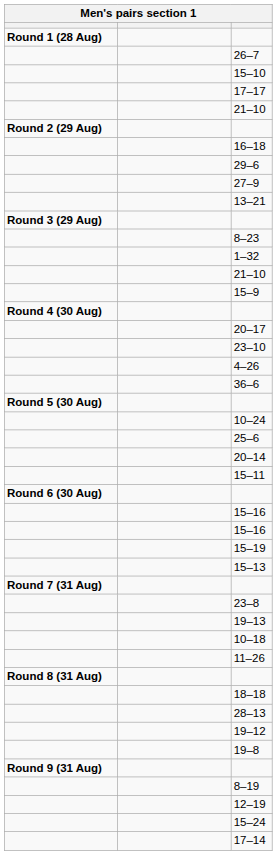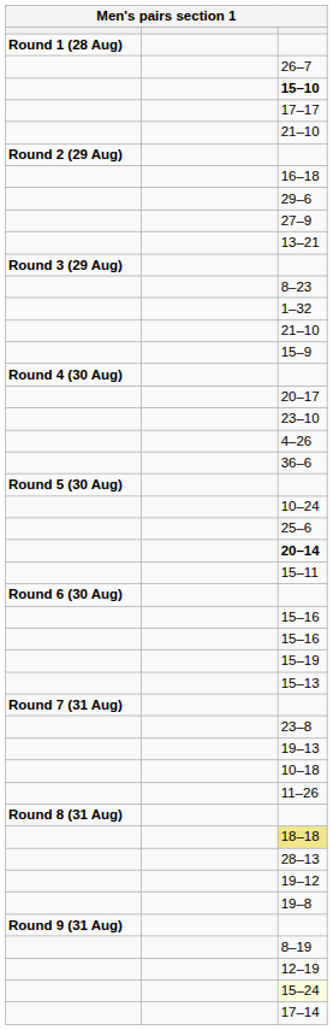 <table class="wikitable">
 <tr>
 <th colspan="3">Men's pairs section 1</th>
 </tr>
 <tr>
 <th width=150></th>
 <th width=150></th>
 <th width=50></th>
 </tr>
 <tr>
 <td><strong>Round 1 (28 Aug)</strong></td>
 <td></td>
 <td></td>
 </tr>
 <tr>
 <td></td>
 <td></td>
 <td>26–7</td>
 </tr>
 <tr>
 <td></td>
 <td></td>
-<td>15–10</td>
+<td><strong>15–10</strong></td>
 </tr>
 <tr>
 <td></td>
 <td></td>
 <td>17–17</td>
 </tr>
 <tr>
 <td></td>
 <td></td>
 <td>21–10</td>
 </tr>
 <tr>
 <td><strong>Round 2 (29 Aug)</strong></td>
 <td></td>
 <td></td>
 </tr>
 <tr>
 <td></td>
 <td></td>
 <td>16–18</td>
 </tr>
 <tr>
 <td></td>
 <td></td>
 <td>29–6</td>
 </tr>
 <tr>
 <td></td>
 <td></td>
 <td>27–9</td>
 </tr>
 <tr>
 <td></td>
 <td></td>
 <td>13–21</td>
 </tr>
 <tr>
 <td><strong>Round 3 (29 Aug)</strong></td>
 <td></td>
 <td></td>
 </tr>
 <tr>
 <td></td>
 <td></td>
 <td>8–23</td>
 </tr>
 <tr>
 <td></td>
 <td></td>
 <td>1–32</td>
 </tr>
 <tr>
 <td></td>
 <td></td>
 <td>21–10</td>
 </tr>
 <tr>
 <td></td>
 <td></td>
 <td>15–9</td>
 </tr>
 <tr>
 <td><strong>Round 4 (30 Aug)</strong></td>
 <td></td>
 <td></td>
 </tr>
 <tr>
 <td></td>
 <td></td>
 <td>20–17</td>
 </tr>
 <tr>
 <td></td>
 <td></td>
 <td>23–10</td>
 </tr>
 <tr>
 <td></td>
 <td></td>
 <td>4–26</td>
 </tr>
 <tr>
 <td></td>
 <td></td>
 <td>36–6</td>
 </tr>
 <tr>
 <td><strong>Round 5 (30 Aug)</strong></td>
 <td></td>
 <td></td>
 </tr>
 <tr>
 <td></td>
 <td></td>
 <td>10–24</td>
 </tr>
 <tr>
 <td></td>
 <td></td>
 <td>25–6</td>
 </tr>
 <tr>
 <td></td>
 <td></td>
-<td>20–14</td>
+<td><strong>20–14</strong></td>
 </tr>
 <tr>
 <td></td>
 <td></td>
 <td>15–11</td>
 </tr>
 <tr>
 <td><strong>Round 6  (30 Aug)</strong></td>
 <td></td>
 <td></td>
 </tr>
 <tr>
 <td></td>
 <td></td>
 <td>15–16</td>
 </tr>
 <tr>
 <td></td>
 <td></td>
 <td>15–16</td>
 </tr>
 <tr>
 <td></td>
 <td></td>
 <td>15–19</td>
 </tr>
 <tr>
 <td></td>
 <td></td>
 <td>15–13</td>
 </tr>
 <tr>
 <td><strong>Round 7 (31 Aug)</strong></td>
 <td></td>
 <td></td>
 </tr>
 <tr>
 <td></td>
 <td></td>
 <td>23–8</td>
 </tr>
 <tr>
 <td></td>
 <td></td>
 <td>19–13</td>
 </tr>
 <tr>
 <td></td>
 <td></td>
 <td>10–18</td>
 </tr>
 <tr>
 <td></td>
 <td></td>
 <td>11–26</td>
 </tr>
 <tr>
 <td><strong>Round 8 (31 Aug)</strong></td>
 <td></td>
 <td></td>
 </tr>
 <tr>
 <td></td>
 <td></td>
-<td>18–18</td>
+<td style="background: khaki;">18–18</td>
 </tr>
 <tr>
 <td></td>
 <td></td>
 <td>28–13</td>
 </tr>
 <tr>
 <td></td>
 <td></td>
 <td>19–12</td>
 </tr>
 <tr>
 <td></td>
 <td></td>
 <td>19–8</td>
 </tr>
 <tr>
 <td><strong>Round 9 (31 Aug)</strong></td>
 <td></td>
 <td></td>
 </tr>
 <tr>
 <td></td>
 <td></td>
 <td>8–19</td>
 </tr>
 <tr>
 <td></td>
 <td></td>
 <td>12–19</td>
 </tr>
 <tr>
 <td></td>
 <td></td>
-<td>15–24</td>
+<td style="background: lightyellow;">15–24</td>
 </tr>
 <tr>
 <td></td>
 <td></td>
 <td>17–14</td>
 </tr>
 </table>
